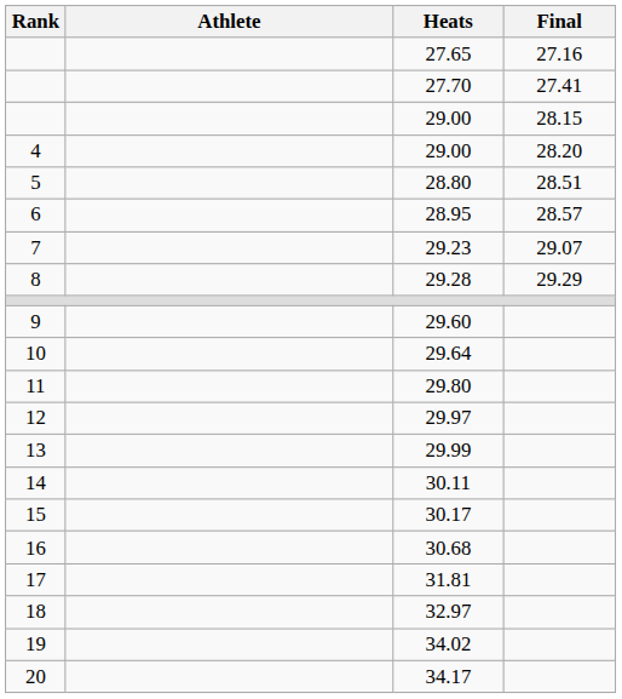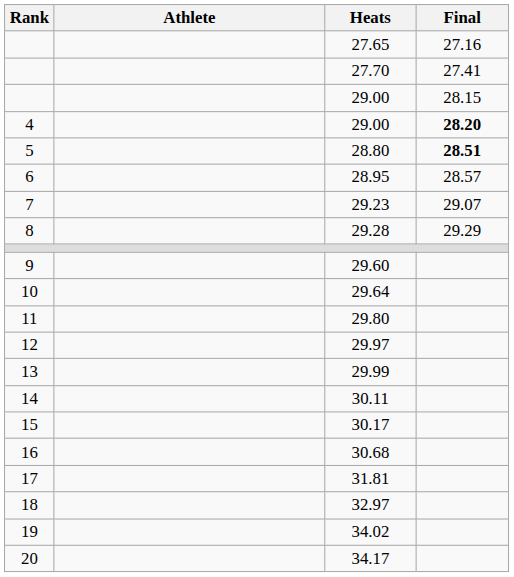 <table class=wikitable style="text-align:center">
 <tr>
 <th width=40>Rank</th>
 <th width=250>Athlete</th>
 <th width=80>Heats</th>
 <th width=80>Final</th>
 </tr>
 <tr>
 <td></td>
 <td align=left></td>
 <td>27.65</td>
 <td>27.16</td>
 </tr>
 <tr>
 <td></td>
 <td align=left></td>
 <td>27.70</td>
 <td>27.41</td>
 </tr>
 <tr>
 <td></td>
 <td align=left></td>
 <td>29.00</td>
 <td>28.15</td>
 </tr>
 <tr>
 <td>4</td>
 <td align=left></td>
 <td>29.00</td>
-<td>28.20</td>
+<td><strong>28.20</strong></td>
 </tr>
 <tr>
 <td>5</td>
 <td align=left></td>
 <td>28.80</td>
-<td>28.51</td>
+<td><strong>28.51</strong></td>
 </tr>
 <tr>
 <td>6</td>
 <td align=left></td>
 <td>28.95</td>
 <td>28.57</td>
 </tr>
 <tr>
 <td>7</td>
 <td align=left></td>
 <td>29.23</td>
 <td>29.07</td>
 </tr>
 <tr>
 <td>8</td>
 <td align=left></td>
 <td>29.28</td>
 <td>29.29</td>
 </tr>
 <tr bgcolor=#DDDDDD>
 <td colspan=4></td>
 </tr>
 <tr>
 <td>9</td>
 <td align=left></td>
 <td>29.60</td>
 <td></td>
 </tr>
 <tr>
 <td>10</td>
 <td align=left></td>
 <td>29.64</td>
 <td></td>
 </tr>
 <tr>
 <td>11</td>
 <td align=left></td>
 <td>29.80</td>
 <td></td>
 </tr>
 <tr>
 <td>12</td>
 <td align=left></td>
 <td>29.97</td>
 <td></td>
 </tr>
 <tr>
 <td>13</td>
 <td align=left></td>
 <td>29.99</td>
 <td></td>
 </tr>
 <tr>
 <td>14</td>
 <td align=left></td>
 <td>30.11</td>
 <td></td>
 </tr>
 <tr>
 <td>15</td>
 <td align=left></td>
 <td>30.17</td>
 <td></td>
 </tr>
 <tr>
 <td>16</td>
 <td align=left></td>
 <td>30.68</td>
 <td></td>
 </tr>
 <tr>
 <td>17</td>
 <td align=left></td>
 <td>31.81</td>
 <td></td>
 </tr>
 <tr>
 <td>18</td>
 <td align=left></td>
 <td>32.97</td>
 <td></td>
 </tr>
 <tr>
 <td>19</td>
 <td align=left></td>
 <td>34.02</td>
 <td></td>
 </tr>
 <tr>
 <td>20</td>
 <td align=left></td>
 <td>34.17</td>
 <td></td>
 </tr>
 </table>
